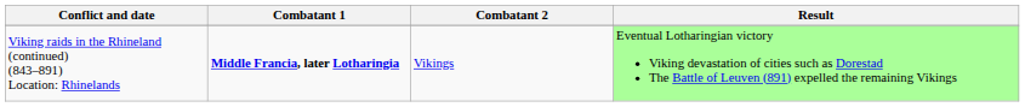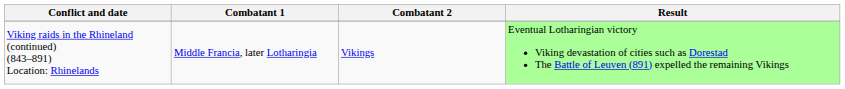 <table class="wikitable sortable">
 <tr>
 <th width="20%">Conflict and date</th>
 <th width="20%">Combatant 1</th>
 <th width="20%">Combatant 2</th>
 <th width="40%">Result</th>
 </tr>
 <tr>
 </tr>
 <tr>
 <td><a href='#'>Viking raids in the Rhineland</a> (continued)<br>(843–891)<br>Location: <a href='#'>Rhinelands</a></td>
-<td><strong><a href='#'>Middle Francia</a>, later <a href='#'>Lotharingia</a></strong></td>
+<td><a href='#'>Middle Francia</a>, later <a href='#'>Lotharingia</a></td>
 <td><a href='#'>Vikings</a></td>
 <td bgcolor="#AF9">Eventual Lotharingian victory<br><ul><li>Viking devastation of cities such as <a href='#'>Dorestad</a></li><li>The <a href='#'>Battle of Leuven (891)</a> expelled the remaining Vikings</li></ul></td>
 </tr>
 </table>
